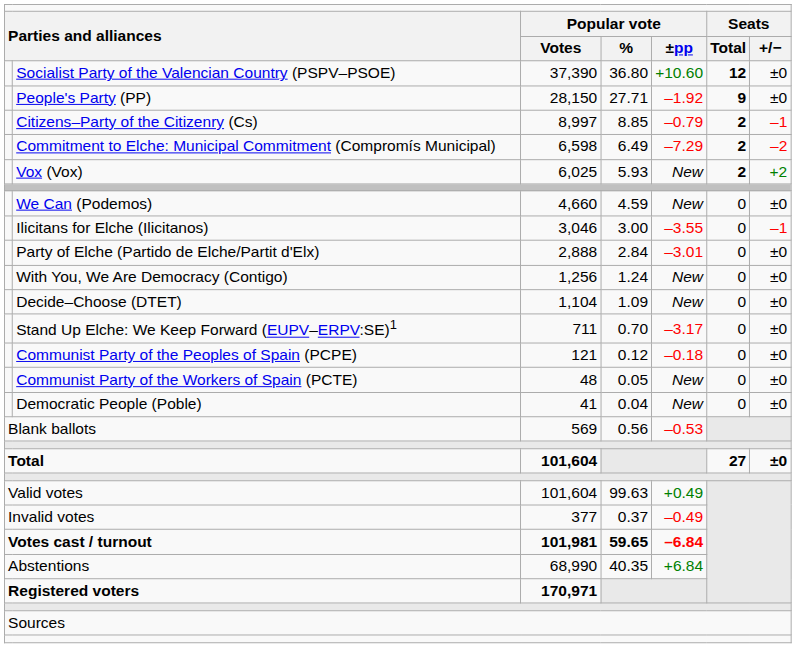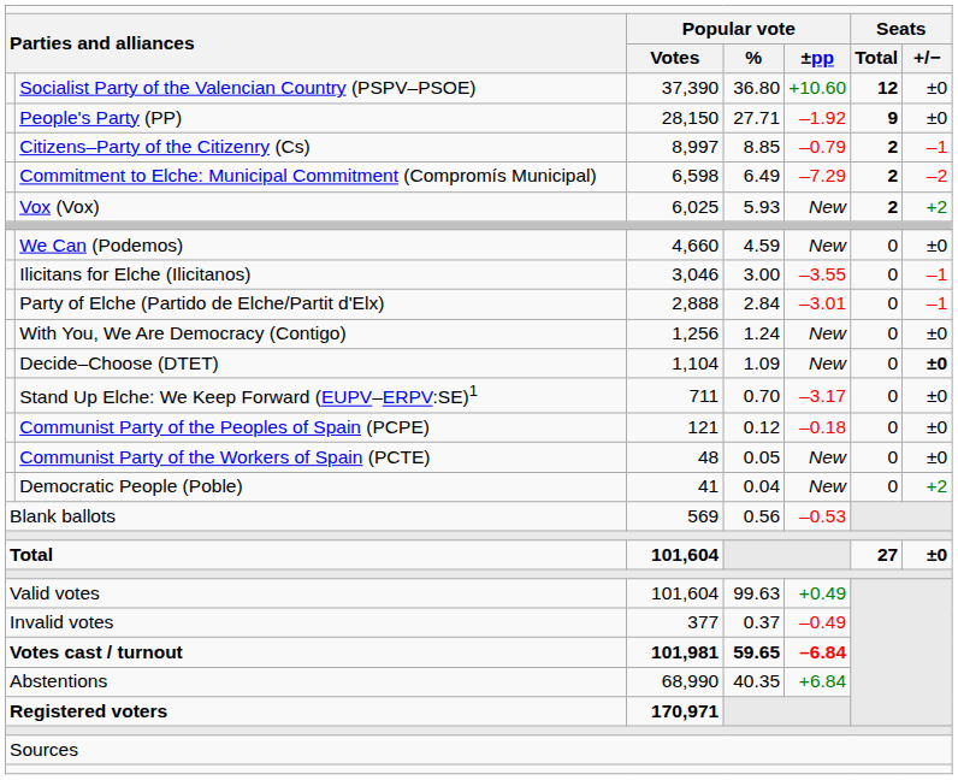 <table class="wikitable" style="text-align:right;">
 <tr>
 <td colspan="7"></td>
 </tr>
 <tr>
 <th style="text-align:left;" rowspan="2" colspan="2" width="525">Parties and alliances</th>
 <th colspan="3">Popular vote</th>
 <th colspan="2">Seats</th>
 </tr>
 <tr>
 <th width="75">Votes</th>
 <th width="45">%</th>
 <th width="45">±<a href='#'>pp</a></th>
 <th width="35">Total</th>
 <th width="35">+/−</th>
 </tr>
 <tr>
 <td width="1" style="color:inherit;background:"></td>
 <td align="left"><a href='#'>Socialist Party of the Valencian Country</a> (PSPV–PSOE)</td>
 <td>37,390</td>
 <td>36.80</td>
 <td style="color:green;">+10.60</td>
 <td><strong>12</strong></td>
 <td>±0</td>
 </tr>
 <tr>
 <td style="color:inherit;background:"></td>
 <td align="left"><a href='#'>People's Party</a> (PP)</td>
 <td>28,150</td>
 <td>27.71</td>
 <td style="color:red;">–1.92</td>
 <td><strong>9</strong></td>
 <td>±0</td>
 </tr>
 <tr>
 <td style="color:inherit;background:"></td>
 <td align="left"><a href='#'>Citizens–Party of the Citizenry</a> (Cs)</td>
 <td>8,997</td>
 <td>8.85</td>
 <td style="color:red;">–0.79</td>
 <td><strong>2</strong></td>
 <td style="color:red;">–1</td>
 </tr>
 <tr>
 <td style="color:inherit;background:"></td>
 <td align="left"><a href='#'>Commitment to Elche: Municipal Commitment</a> (Compromís Municipal)</td>
 <td>6,598</td>
 <td>6.49</td>
 <td style="color:red;">–7.29</td>
 <td><strong>2</strong></td>
 <td style="color:red;">–2</td>
 </tr>
 <tr>
 <td style="color:inherit;background:"></td>
 <td align="left"><a href='#'>Vox</a> (Vox)</td>
 <td>6,025</td>
 <td>5.93</td>
 <td><em>New</em></td>
 <td><strong>2</strong></td>
 <td style="color:green;">+2</td>
 </tr>
 <tr>
 <td colspan="7" bgcolor="#C0C0C0"></td>
 </tr>
 <tr>
 <td style="color:inherit;background:"></td>
 <td align="left"><a href='#'>We Can</a> (Podemos)</td>
 <td>4,660</td>
 <td>4.59</td>
 <td><em>New</em></td>
 <td>0</td>
 <td>±0</td>
 </tr>
 <tr>
 <td style="color:inherit;background:"></td>
 <td align="left">Ilicitans for Elche (Ilicitanos)</td>
 <td>3,046</td>
 <td>3.00</td>
 <td style="color:red;">–3.55</td>
 <td>0</td>
 <td style="color:red;">–1</td>
 </tr>
 <tr>
 <td style="color:inherit;background:"></td>
 <td align="left">Party of Elche (Partido de Elche/Partit d'Elx)</td>
 <td>2,888</td>
 <td>2.84</td>
 <td style="color:red;">–3.01</td>
 <td>0</td>
-<td>±0</td>
+<td style="color:red;">–1</td>
 </tr>
 <tr>
 <td style="color:inherit;background:"></td>
 <td align="left">With You, We Are Democracy (Contigo)</td>
 <td>1,256</td>
 <td>1.24</td>
 <td><em>New</em></td>
 <td>0</td>
 <td>±0</td>
 </tr>
 <tr>
 <td style="color:inherit;background:"></td>
 <td align="left">Decide–Choose (DTET)</td>
 <td>1,104</td>
 <td>1.09</td>
 <td><em>New</em></td>
 <td>0</td>
-<td>±0</td>
+<td><strong>±0</strong></td>
 </tr>
 <tr>
 <td style="color:inherit;background:"></td>
 <td align="left">Stand Up Elche: We Keep Forward (<a href='#'>EUPV</a>–<a href='#'>ERPV</a>:SE)<sup>1</sup></td>
 <td>711</td>
 <td>0.70</td>
 <td style="color:red;">–3.17</td>
 <td>0</td>
 <td>±0</td>
 </tr>
 <tr>
 <td style="color:inherit;background:"></td>
 <td align="left"><a href='#'>Communist Party of the Peoples of Spain</a> (PCPE)</td>
 <td>121</td>
 <td>0.12</td>
 <td style="color:red;">–0.18</td>
 <td>0</td>
 <td>±0</td>
 </tr>
 <tr>
 <td style="color:inherit;background:"></td>
 <td align="left"><a href='#'>Communist Party of the Workers of Spain</a> (PCTE)</td>
 <td>48</td>
 <td>0.05</td>
 <td><em>New</em></td>
 <td>0</td>
 <td>±0</td>
 </tr>
 <tr>
 <td style="color:inherit;background:"></td>
 <td align="left">Democratic People (Poble)</td>
 <td>41</td>
 <td>0.04</td>
 <td><em>New</em></td>
 <td>0</td>
-<td>±0</td>
+<td style="color:green;">+2</td>
 </tr>
 <tr>
 <td align="left" colspan="2">Blank ballots</td>
 <td>569</td>
 <td>0.56</td>
 <td style="color:red;">–0.53</td>
 <td bgcolor="#E9E9E9" colspan="2"></td>
 </tr>
 <tr>
 <td colspan="7" bgcolor="#E9E9E9"></td>
 </tr>
 <tr style="font-weight:bold;">
 <td align="left" colspan="2">Total</td>
 <td>101,604</td>
 <td bgcolor="#E9E9E9" colspan="2"></td>
 <td>27</td>
 <td>±0</td>
 </tr>
 <tr>
 <td colspan="7" bgcolor="#E9E9E9"></td>
 </tr>
 <tr>
 <td align="left" colspan="2">Valid votes</td>
 <td>101,604</td>
 <td>99.63</td>
 <td style="color:green;">+0.49</td>
 <td bgcolor="#E9E9E9" colspan="2" rowspan="5"></td>
 </tr>
 <tr>
 <td align="left" colspan="2">Invalid votes</td>
 <td>377</td>
 <td>0.37</td>
 <td style="color:red;">–0.49</td>
 </tr>
 <tr style="font-weight:bold;">
 <td align="left" colspan="2">Votes cast / turnout</td>
 <td>101,981</td>
 <td>59.65</td>
 <td style="color:red;">–6.84</td>
 </tr>
 <tr>
 <td align="left" colspan="2">Abstentions</td>
 <td>68,990</td>
 <td>40.35</td>
 <td style="color:green;">+6.84</td>
 </tr>
 <tr style="font-weight:bold;">
 <td align="left" colspan="2">Registered voters</td>
 <td>170,971</td>
 <td bgcolor="#E9E9E9" colspan="2"></td>
 </tr>
 <tr>
 <td colspan="7" bgcolor="#E9E9E9"></td>
 </tr>
 <tr>
 <td align="left" colspan="7">Sources</td>
 </tr>
 <tr>
 <td colspan="7" style="text-align:left; max-width:790px;"></td>
 </tr>
 </table>
